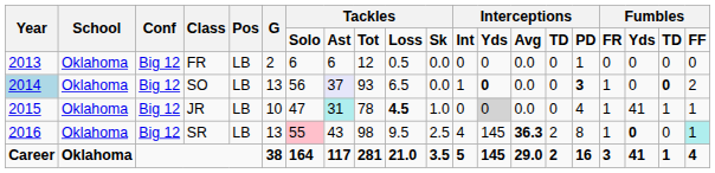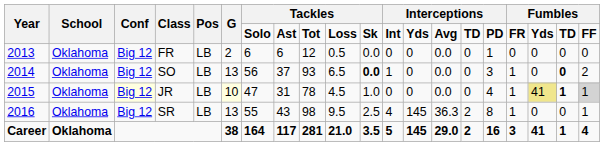 <table class="wikitable">
 <tr>
 <th rowspan="2">Year</th>
 <th rowspan="2">School</th>
 <th rowspan="2">Conf</th>
 <th rowspan="2">Class</th>
 <th rowspan="2">Pos</th>
 <th rowspan="2">G</th>
 <th colspan="5" style="text-align: center; font-weight:bold;">Tackles</th>
 <th colspan="5" style="text-align: center; font-weight:bold;">Interceptions</th>
 <th colspan="4" style="text-align: center; font-weight:bold;">Fumbles</th>
 </tr>
 <tr>
 <td style="font-weight:bold;">Solo</td>
 <td style="font-weight:bold;">Ast</td>
 <td style="font-weight:bold;">Tot</td>
 <td style="font-weight:bold;">Loss</td>
 <td style="font-weight:bold;">Sk</td>
 <td style="font-weight:bold;">Int</td>
 <td style="font-weight:bold;">Yds</td>
 <td style="font-weight:bold;">Avg</td>
 <td style="font-weight:bold;">TD</td>
 <td style="font-weight:bold;">PD</td>
 <td style="font-weight:bold;">FR</td>
 <td style="font-weight:bold;">Yds</td>
 <td style="font-weight:bold;">TD</td>
 <td style="font-weight:bold;">FF</td>
 </tr>
 <tr>
 <td><a href='#'>2013</a></td>
 <td><a href='#'>Oklahoma</a></td>
 <td><a href='#'>Big 12</a></td>
 <td>FR</td>
 <td>LB</td>
 <td>2</td>
 <td>6</td>
 <td>6</td>
 <td>12</td>
 <td>0.5</td>
 <td>0.0</td>
 <td>0</td>
 <td>0</td>
 <td>0.0</td>
 <td>0</td>
 <td>1</td>
 <td>0</td>
 <td>0</td>
 <td>0</td>
 <td>0</td>
 </tr>
 <tr>
-<td style="background: lightblue;"><a href='#'>2014</a></td>
+<td><a href='#'>2014</a></td>
 <td><a href='#'>Oklahoma</a></td>
 <td><a href='#'>Big 12</a></td>
 <td>SO</td>
 <td>LB</td>
 <td>13</td>
 <td>56</td>
-<td style="background: lavender;">37</td>
+<td>37</td>
 <td>93</td>
 <td>6.5</td>
-<td>0.0</td>
+<td><strong>0.0</strong></td>
 <td>1</td>
-<td><strong>0</strong></td>
+<td>0</td>
 <td>0.0</td>
 <td>0</td>
-<td><strong>3</strong></td>
+<td>3</td>
 <td>1</td>
 <td>0</td>
 <td><strong>0</strong></td>
 <td>2</td>
 </tr>
 <tr>
 <td><a href='#'>2015</a></td>
 <td><a href='#'>Oklahoma</a></td>
-<td><a href='#'>Big 12</a></td>
+<td style="background: lightyellow;"><a href='#'>Big 12</a></td>
 <td>JR</td>
 <td>LB</td>
-<td>10</td>
+<td style="background: lightyellow;">10</td>
 <td>47</td>
-<td style="background: paleturquoise;">31</td>
+<td>31</td>
 <td>78</td>
-<td><strong>4.5</strong></td>
+<td>4.5</td>
 <td>1.0</td>
 <td>0</td>
-<td style="background: lightgrey;">0</td>
+<td>0</td>
 <td>0.0</td>
 <td>0</td>
 <td>4</td>
 <td>1</td>
-<td>41</td>
-<td>1</td>
-<td>1</td>
+<td style="background: khaki;">41</td>
+<td><strong>1</strong></td>
+<td style="background: lightgrey;">1</td>
 </tr>
 <tr>
 <td><a href='#'>2016</a></td>
 <td><a href='#'>Oklahoma</a></td>
 <td><a href='#'>Big 12</a></td>
 <td>SR</td>
 <td>LB</td>
 <td>13</td>
-<td style="background: pink;">55</td>
+<td>55</td>
 <td>43</td>
 <td>98</td>
 <td>9.5</td>
 <td>2.5</td>
 <td>4</td>
 <td>145</td>
-<td><strong>36.3</strong></td>
+<td>36.3</td>
 <td>2</td>
 <td>8</td>
 <td>1</td>
-<td><strong>0</strong></td>
 <td>0</td>
-<td style="background: paleturquoise;">1</td>
+<td>0</td>
+<td>1</td>
 </tr>
 <tr>
 <td style="font-weight:bold;">Career</td>
 <td style="font-weight:bold;">Oklahoma</td>
 <td colspan="3" style="font-weight:bold;"></td>
 <td style="font-weight:bold;">38</td>
 <td style="font-weight:bold;">164</td>
 <td style="font-weight:bold;">117</td>
 <td style="font-weight:bold;">281</td>
 <td style="font-weight:bold;">21.0</td>
 <td style="font-weight:bold;">3.5</td>
 <td style="font-weight:bold;">5</td>
 <td style="font-weight:bold;">145</td>
 <td style="font-weight:bold;">29.0</td>
 <td style="font-weight:bold;">2</td>
 <td style="font-weight:bold;">16</td>
 <td style="font-weight:bold;">3</td>
 <td style="font-weight:bold;">41</td>
 <td style="font-weight:bold;">1</td>
 <td style="font-weight:bold;">4</td>
 </tr>
 </table>
